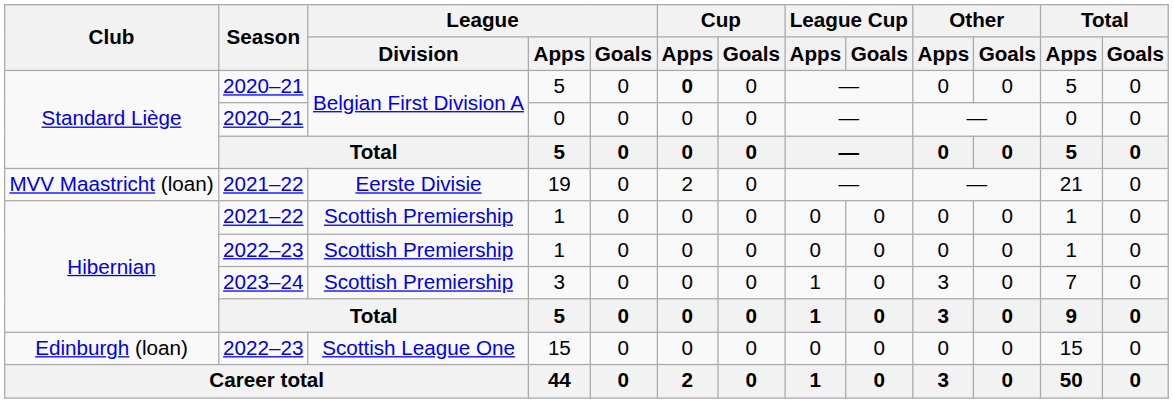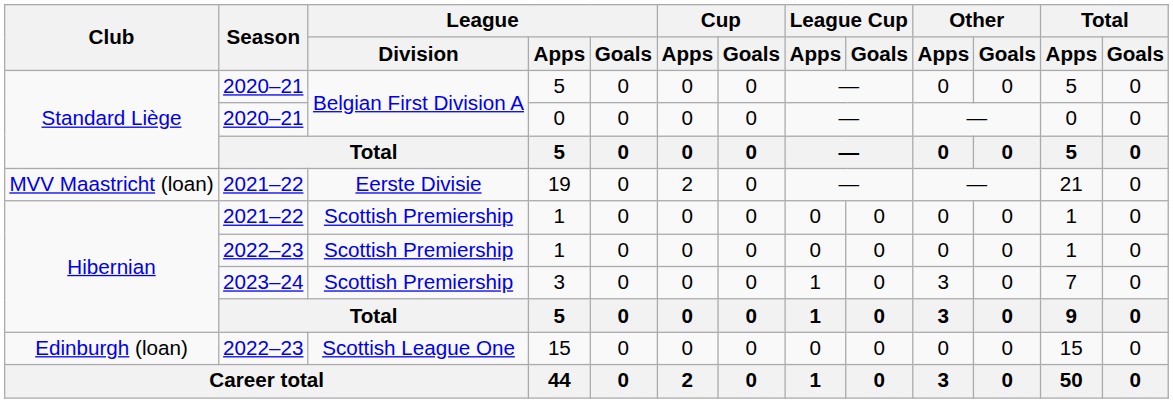 <table class="wikitable" style="text-align: center;">
 <tr>
 <th rowspan="2">Club</th>
 <th rowspan="2">Season</th>
 <th colspan="3">League</th>
 <th colspan="2">Cup</th>
 <th colspan="2">League Cup</th>
 <th colspan="2">Other</th>
 <th colspan="2">Total</th>
 </tr>
 <tr>
 <th>Division</th>
 <th>Apps</th>
 <th>Goals</th>
 <th>Apps</th>
 <th>Goals</th>
 <th>Apps</th>
 <th>Goals</th>
 <th>Apps</th>
 <th>Goals</th>
 <th>Apps</th>
 <th>Goals</th>
 </tr>
 <tr>
 <td rowspan="3"><a href='#'>Standard Liège</a></td>
 <td><a href='#'>2020–21</a></td>
 <td rowspan="2"><a href='#'>Belgian First Division A</a></td>
 <td>5</td>
 <td>0</td>
-<td><strong>0</strong></td>
+<td>0</td>
 <td>0</td>
 <td colspan="2">—</td>
 <td>0</td>
 <td>0</td>
 <td>5</td>
 <td>0</td>
 </tr>
 <tr>
 <td><a href='#'>2020–21</a></td>
 <td>0</td>
 <td>0</td>
 <td>0</td>
 <td>0</td>
 <td colspan="2">—</td>
 <td colspan="2">—</td>
 <td>0</td>
 <td>0</td>
 </tr>
 <tr>
 <th colspan="2">Total</th>
 <th>5</th>
 <th>0</th>
 <th>0</th>
 <th>0</th>
 <th colspan="2">—</th>
 <th>0</th>
 <th>0</th>
 <th>5</th>
 <th>0</th>
 </tr>
 <tr>
 <td><a href='#'>MVV Maastricht</a> (loan)</td>
 <td><a href='#'>2021–22</a></td>
 <td><a href='#'>Eerste Divisie</a></td>
 <td>19</td>
 <td>0</td>
 <td>2</td>
 <td>0</td>
 <td colspan="2">—</td>
 <td colspan="2">—</td>
 <td>21</td>
 <td>0</td>
 </tr>
 <tr>
 <td rowspan="4"><a href='#'>Hibernian</a></td>
 <td><a href='#'>2021–22</a></td>
 <td><a href='#'>Scottish Premiership</a></td>
 <td>1</td>
 <td>0</td>
 <td>0</td>
 <td>0</td>
 <td>0</td>
 <td>0</td>
 <td>0</td>
 <td>0</td>
 <td>1</td>
 <td>0</td>
 </tr>
 <tr>
 <td><a href='#'>2022–23</a></td>
 <td><a href='#'>Scottish Premiership</a></td>
 <td>1</td>
 <td>0</td>
 <td>0</td>
 <td>0</td>
 <td>0</td>
 <td>0</td>
 <td>0</td>
 <td>0</td>
 <td>1</td>
 <td>0</td>
 </tr>
 <tr>
 <td><a href='#'>2023–24</a></td>
 <td><a href='#'>Scottish Premiership</a></td>
 <td>3</td>
 <td>0</td>
 <td>0</td>
 <td>0</td>
 <td>1</td>
 <td>0</td>
 <td>3</td>
 <td>0</td>
 <td>7</td>
 <td>0</td>
 </tr>
 <tr>
 <th colspan="2">Total</th>
 <th>5</th>
 <th>0</th>
 <th>0</th>
 <th>0</th>
 <th>1</th>
 <th>0</th>
 <th>3</th>
 <th>0</th>
 <th>9</th>
 <th>0</th>
 </tr>
 <tr>
 <td><a href='#'>Edinburgh</a> (loan)</td>
 <td><a href='#'>2022–23</a></td>
 <td><a href='#'>Scottish League One</a></td>
 <td>15</td>
 <td>0</td>
 <td>0</td>
 <td>0</td>
 <td>0</td>
 <td>0</td>
 <td>0</td>
 <td>0</td>
 <td>15</td>
 <td>0</td>
 </tr>
 <tr>
 <th colspan="3">Career total</th>
 <th>44</th>
 <th>0</th>
 <th>2</th>
 <th>0</th>
 <th>1</th>
 <th>0</th>
 <th>3</th>
 <th>0</th>
 <th>50</th>
 <th>0</th>
 </tr>
 </table>
